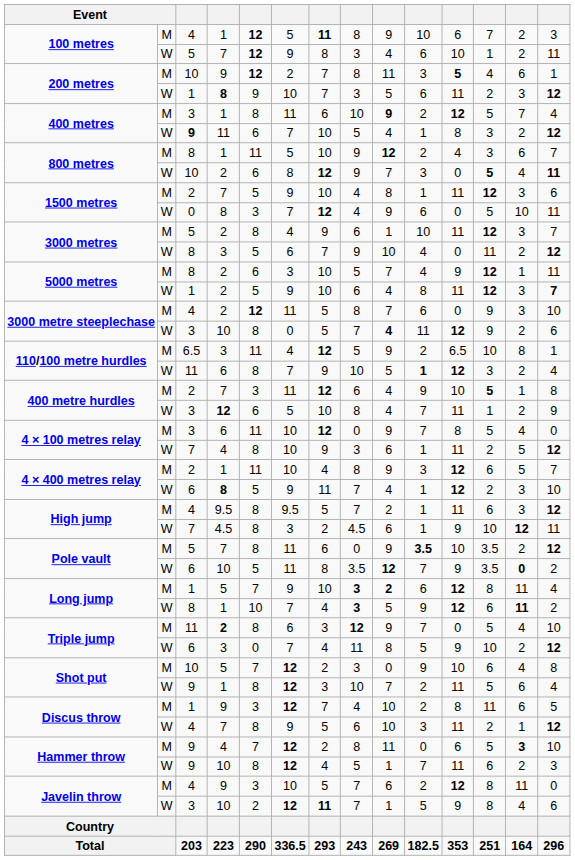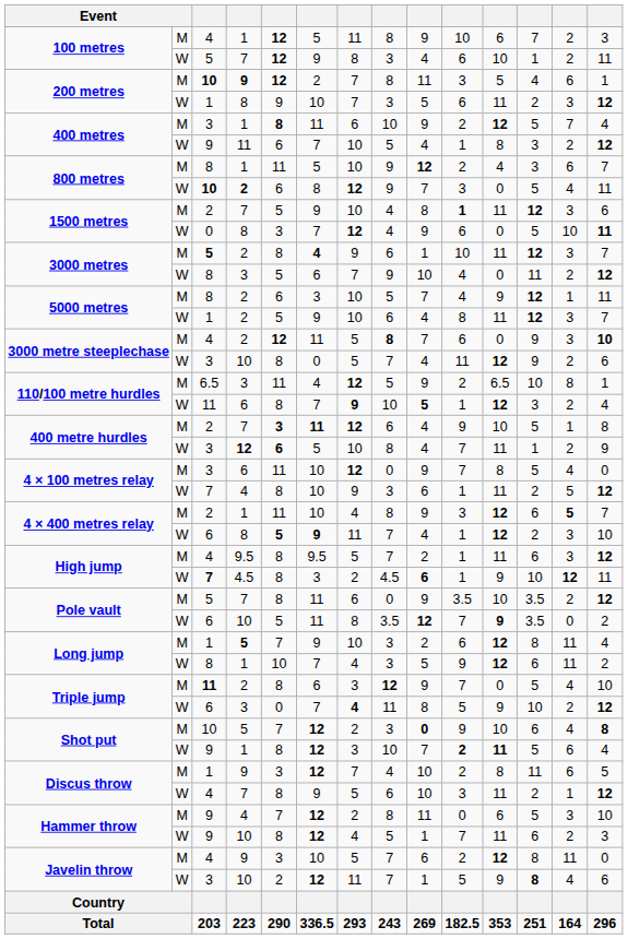 <table class="wikitable" style="background-color: #f9f9f9; font-size: 90%; text-align: center">
 <tr>
 <th width=50 colspan=2>Event</th>
 <th width=30></th>
 <th width=30></th>
 <th width=30></th>
 <th width=30></th>
 <th width=30></th>
 <th width=30></th>
 <th width=30></th>
 <th width=30></th>
 <th width=30></th>
 <th width=30></th>
 <th width=30></th>
 <th width=30></th>
 </tr>
 <tr>
 <td rowspan=2><strong><a href='#'>100 metres</a></strong></td>
 <td>M</td>
 <td>4</td>
 <td>1</td>
 <td><strong>12</strong></td>
 <td>5</td>
-<td><strong>11</strong></td>
+<td>11</td>
 <td>8</td>
 <td>9</td>
 <td>10</td>
 <td>6</td>
 <td>7</td>
 <td>2</td>
 <td>3</td>
 </tr>
 <tr>
 <td>W</td>
 <td>5</td>
 <td>7</td>
 <td><strong>12</strong></td>
 <td>9</td>
 <td>8</td>
 <td>3</td>
 <td>4</td>
 <td>6</td>
 <td>10</td>
 <td>1</td>
 <td>2</td>
 <td>11</td>
 </tr>
 <tr>
 <td rowspan=2><strong><a href='#'>200 metres</a></strong></td>
 <td>M</td>
-<td>10</td>
-<td>9</td>
+<td><strong>10</strong></td>
+<td><strong>9</strong></td>
 <td><strong>12</strong></td>
 <td>2</td>
 <td>7</td>
 <td>8</td>
 <td>11</td>
 <td>3</td>
-<td><strong>5</strong></td>
+<td>5</td>
 <td>4</td>
 <td>6</td>
 <td>1</td>
 </tr>
 <tr>
 <td>W</td>
 <td>1</td>
-<td><strong>8</strong></td>
+<td>8</td>
 <td>9</td>
 <td>10</td>
 <td>7</td>
 <td>3</td>
 <td>5</td>
 <td>6</td>
 <td>11</td>
 <td>2</td>
 <td>3</td>
 <td><strong>12</strong></td>
 </tr>
 <tr>
 <td rowspan=2><strong><a href='#'>400 metres</a></strong></td>
 <td>M</td>
 <td>3</td>
 <td>1</td>
-<td>8</td>
+<td><strong>8</strong></td>
 <td>11</td>
 <td>6</td>
 <td>10</td>
-<td><strong>9</strong></td>
+<td>9</td>
 <td>2</td>
 <td><strong>12</strong></td>
 <td>5</td>
 <td>7</td>
 <td>4</td>
 </tr>
 <tr>
 <td>W</td>
-<td><strong>9</strong></td>
+<td>9</td>
 <td>11</td>
 <td>6</td>
 <td>7</td>
 <td>10</td>
 <td>5</td>
 <td>4</td>
 <td>1</td>
 <td>8</td>
 <td>3</td>
 <td>2</td>
 <td><strong>12</strong></td>
 </tr>
 <tr>
 <td rowspan=2><strong><a href='#'>800 metres</a></strong></td>
 <td>M</td>
 <td>8</td>
 <td>1</td>
 <td>11</td>
 <td>5</td>
 <td>10</td>
 <td>9</td>
 <td><strong>12</strong></td>
 <td>2</td>
 <td>4</td>
 <td>3</td>
 <td>6</td>
 <td>7</td>
 </tr>
 <tr>
 <td>W</td>
-<td>10</td>
-<td>2</td>
+<td><strong>10</strong></td>
+<td><strong>2</strong></td>
 <td>6</td>
 <td>8</td>
 <td><strong>12</strong></td>
 <td>9</td>
 <td>7</td>
 <td>3</td>
 <td>0</td>
-<td><strong>5</strong></td>
+<td>5</td>
 <td>4</td>
-<td><strong>11</strong></td>
+<td>11</td>
 </tr>
 <tr>
 <td rowspan=2><strong><a href='#'>1500 metres</a></strong></td>
 <td>M</td>
 <td>2</td>
 <td>7</td>
 <td>5</td>
 <td>9</td>
 <td>10</td>
 <td>4</td>
 <td>8</td>
-<td>1</td>
+<td><strong>1</strong></td>
 <td>11</td>
 <td><strong>12</strong></td>
 <td>3</td>
 <td>6</td>
 </tr>
 <tr>
 <td>W</td>
 <td>0</td>
 <td>8</td>
 <td>3</td>
 <td>7</td>
 <td><strong>12</strong></td>
 <td>4</td>
 <td>9</td>
 <td>6</td>
 <td>0</td>
 <td>5</td>
 <td>10</td>
-<td>11</td>
+<td><strong>11</strong></td>
 </tr>
 <tr>
 <td rowspan=2><strong><a href='#'>3000 metres</a></strong></td>
 <td>M</td>
-<td>5</td>
+<td><strong>5</strong></td>
 <td>2</td>
 <td>8</td>
-<td>4</td>
+<td><strong>4</strong></td>
 <td>9</td>
 <td>6</td>
 <td>1</td>
 <td>10</td>
 <td>11</td>
 <td><strong>12</strong></td>
 <td>3</td>
 <td>7</td>
 </tr>
 <tr>
 <td>W</td>
 <td>8</td>
 <td>3</td>
 <td>5</td>
 <td>6</td>
 <td>7</td>
 <td>9</td>
 <td>10</td>
 <td>4</td>
 <td>0</td>
 <td>11</td>
 <td>2</td>
 <td><strong>12</strong></td>
 </tr>
 <tr>
 <td rowspan=2><strong><a href='#'>5000 metres</a></strong></td>
 <td>M</td>
 <td>8</td>
 <td>2</td>
 <td>6</td>
 <td>3</td>
 <td>10</td>
 <td>5</td>
 <td>7</td>
 <td>4</td>
 <td>9</td>
 <td><strong>12</strong></td>
 <td>1</td>
 <td>11</td>
 </tr>
 <tr>
 <td>W</td>
 <td>1</td>
 <td>2</td>
 <td>5</td>
 <td>9</td>
 <td>10</td>
 <td>6</td>
 <td>4</td>
 <td>8</td>
 <td>11</td>
 <td><strong>12</strong></td>
 <td>3</td>
-<td><strong>7</strong></td>
+<td>7</td>
 </tr>
 <tr>
 <td rowspan=2><strong><a href='#'>3000 metre steeplechase</a></strong></td>
 <td>M</td>
 <td>4</td>
 <td>2</td>
 <td><strong>12</strong></td>
 <td>11</td>
 <td>5</td>
-<td>8</td>
+<td><strong>8</strong></td>
 <td>7</td>
 <td>6</td>
 <td>0</td>
 <td>9</td>
 <td>3</td>
-<td>10</td>
+<td><strong>10</strong></td>
 </tr>
 <tr>
 <td>W</td>
 <td>3</td>
 <td>10</td>
 <td>8</td>
 <td>0</td>
 <td>5</td>
 <td>7</td>
-<td><strong>4</strong></td>
+<td>4</td>
 <td>11</td>
 <td><strong>12</strong></td>
 <td>9</td>
 <td>2</td>
 <td>6</td>
 </tr>
 <tr>
 <td rowspan=2><strong><a href='#'>110</a>/<a href='#'>100 metre hurdles</a></strong></td>
 <td>M</td>
 <td>6.5</td>
 <td>3</td>
 <td>11</td>
 <td>4</td>
 <td><strong>12</strong></td>
 <td>5</td>
 <td>9</td>
 <td>2</td>
 <td>6.5</td>
 <td>10</td>
 <td>8</td>
 <td>1</td>
 </tr>
 <tr>
 <td>W</td>
 <td>11</td>
 <td>6</td>
 <td>8</td>
 <td>7</td>
-<td>9</td>
+<td><strong>9</strong></td>
 <td>10</td>
-<td>5</td>
-<td><strong>1</strong></td>
+<td><strong>5</strong></td>
+<td>1</td>
 <td><strong>12</strong></td>
 <td>3</td>
 <td>2</td>
 <td>4</td>
 </tr>
 <tr>
 <td rowspan=2><strong><a href='#'>400 metre hurdles</a></strong></td>
 <td>M</td>
 <td>2</td>
 <td>7</td>
-<td>3</td>
-<td>11</td>
+<td><strong>3</strong></td>
+<td><strong>11</strong></td>
 <td><strong>12</strong></td>
 <td>6</td>
 <td>4</td>
 <td>9</td>
 <td>10</td>
-<td><strong>5</strong></td>
+<td>5</td>
 <td>1</td>
 <td>8</td>
 </tr>
 <tr>
 <td>W</td>
 <td>3</td>
 <td><strong>12</strong></td>
-<td>6</td>
+<td><strong>6</strong></td>
 <td>5</td>
 <td>10</td>
 <td>8</td>
 <td>4</td>
 <td>7</td>
 <td>11</td>
 <td>1</td>
 <td>2</td>
 <td>9</td>
 </tr>
 <tr>
 <td rowspan=2><strong><a href='#'>4 × 100 metres relay</a></strong></td>
 <td>M</td>
 <td>3</td>
 <td>6</td>
 <td>11</td>
 <td>10</td>
 <td><strong>12</strong></td>
 <td>0</td>
 <td>9</td>
 <td>7</td>
 <td>8</td>
 <td>5</td>
 <td>4</td>
 <td>0</td>
 </tr>
 <tr>
 <td>W</td>
 <td>7</td>
 <td>4</td>
 <td>8</td>
 <td>10</td>
 <td>9</td>
 <td>3</td>
 <td>6</td>
 <td>1</td>
 <td>11</td>
 <td>2</td>
 <td>5</td>
 <td><strong>12</strong></td>
 </tr>
 <tr>
 <td rowspan=2><strong><a href='#'>4 × 400 metres relay</a></strong></td>
 <td>M</td>
 <td>2</td>
 <td>1</td>
 <td>11</td>
 <td>10</td>
 <td>4</td>
 <td>8</td>
 <td>9</td>
 <td>3</td>
 <td><strong>12</strong></td>
 <td>6</td>
-<td>5</td>
+<td><strong>5</strong></td>
 <td>7</td>
 </tr>
 <tr>
 <td>W</td>
 <td>6</td>
-<td><strong>8</strong></td>
-<td>5</td>
-<td>9</td>
+<td>8</td>
+<td><strong>5</strong></td>
+<td><strong>9</strong></td>
 <td>11</td>
 <td>7</td>
 <td>4</td>
 <td>1</td>
 <td><strong>12</strong></td>
 <td>2</td>
 <td>3</td>
 <td>10</td>
 </tr>
 <tr>
 <td rowspan=2><strong><a href='#'>High jump</a></strong></td>
 <td>M</td>
 <td>4</td>
 <td>9.5</td>
 <td>8</td>
 <td>9.5</td>
 <td>5</td>
 <td>7</td>
 <td>2</td>
 <td>1</td>
 <td>11</td>
 <td>6</td>
 <td>3</td>
 <td><strong>12</strong></td>
 </tr>
 <tr>
 <td>W</td>
-<td>7</td>
+<td><strong>7</strong></td>
 <td>4.5</td>
 <td>8</td>
 <td>3</td>
 <td>2</td>
 <td>4.5</td>
-<td>6</td>
+<td><strong>6</strong></td>
 <td>1</td>
 <td>9</td>
 <td>10</td>
 <td><strong>12</strong></td>
 <td>11</td>
 </tr>
 <tr>
 <td rowspan=2><strong><a href='#'>Pole vault</a></strong></td>
 <td>M</td>
 <td>5</td>
 <td>7</td>
 <td>8</td>
 <td>11</td>
 <td>6</td>
 <td>0</td>
 <td>9</td>
-<td><strong>3.5</strong></td>
+<td>3.5</td>
 <td>10</td>
 <td>3.5</td>
 <td>2</td>
 <td><strong>12</strong></td>
 </tr>
 <tr>
 <td>W</td>
 <td>6</td>
 <td>10</td>
 <td>5</td>
 <td>11</td>
 <td>8</td>
 <td>3.5</td>
 <td><strong>12</strong></td>
 <td>7</td>
-<td>9</td>
+<td><strong>9</strong></td>
 <td>3.5</td>
-<td><strong>0</strong></td>
+<td>0</td>
 <td>2</td>
 </tr>
 <tr>
 <td rowspan=2><strong><a href='#'>Long jump</a></strong></td>
 <td>M</td>
 <td>1</td>
-<td>5</td>
+<td><strong>5</strong></td>
 <td>7</td>
 <td>9</td>
 <td>10</td>
-<td><strong>3</strong></td>
-<td><strong>2</strong></td>
+<td>3</td>
+<td>2</td>
 <td>6</td>
 <td><strong>12</strong></td>
 <td>8</td>
 <td>11</td>
 <td>4</td>
 </tr>
 <tr>
 <td>W</td>
 <td>8</td>
 <td>1</td>
 <td>10</td>
 <td>7</td>
 <td>4</td>
-<td><strong>3</strong></td>
+<td>3</td>
 <td>5</td>
 <td>9</td>
 <td><strong>12</strong></td>
 <td>6</td>
-<td><strong>11</strong></td>
+<td>11</td>
 <td>2</td>
 </tr>
 <tr>
 <td rowspan=2><strong><a href='#'>Triple jump</a></strong></td>
 <td>M</td>
-<td>11</td>
-<td><strong>2</strong></td>
+<td><strong>11</strong></td>
+<td>2</td>
 <td>8</td>
 <td>6</td>
 <td>3</td>
 <td><strong>12</strong></td>
 <td>9</td>
 <td>7</td>
 <td>0</td>
 <td>5</td>
 <td>4</td>
 <td>10</td>
 </tr>
 <tr>
 <td>W</td>
 <td>6</td>
 <td>3</td>
 <td>0</td>
 <td>7</td>
-<td>4</td>
+<td><strong>4</strong></td>
 <td>11</td>
 <td>8</td>
 <td>5</td>
 <td>9</td>
 <td>10</td>
 <td>2</td>
 <td><strong>12</strong></td>
 </tr>
 <tr>
 <td rowspan=2><strong><a href='#'>Shot put</a></strong></td>
 <td>M</td>
 <td>10</td>
 <td>5</td>
 <td>7</td>
 <td><strong>12</strong></td>
 <td>2</td>
 <td>3</td>
-<td>0</td>
+<td><strong>0</strong></td>
 <td>9</td>
 <td>10</td>
 <td>6</td>
 <td>4</td>
-<td>8</td>
+<td><strong>8</strong></td>
 </tr>
 <tr>
 <td>W</td>
 <td>9</td>
 <td>1</td>
 <td>8</td>
 <td><strong>12</strong></td>
 <td>3</td>
 <td>10</td>
 <td>7</td>
-<td>2</td>
-<td>11</td>
+<td><strong>2</strong></td>
+<td><strong>11</strong></td>
 <td>5</td>
 <td>6</td>
 <td>4</td>
 </tr>
 <tr>
 <td rowspan=2><strong><a href='#'>Discus throw</a></strong></td>
 <td>M</td>
 <td>1</td>
 <td>9</td>
 <td>3</td>
 <td><strong>12</strong></td>
 <td>7</td>
 <td>4</td>
 <td>10</td>
 <td>2</td>
 <td>8</td>
 <td>11</td>
 <td>6</td>
 <td>5</td>
 </tr>
 <tr>
 <td>W</td>
 <td>4</td>
 <td>7</td>
 <td>8</td>
 <td>9</td>
 <td>5</td>
 <td>6</td>
 <td>10</td>
 <td>3</td>
 <td>11</td>
 <td>2</td>
 <td>1</td>
 <td><strong>12</strong></td>
 </tr>
 <tr>
 <td rowspan=2><strong><a href='#'>Hammer throw</a></strong></td>
 <td>M</td>
 <td>9</td>
 <td>4</td>
 <td>7</td>
 <td><strong>12</strong></td>
 <td>2</td>
 <td>8</td>
 <td>11</td>
 <td>0</td>
 <td>6</td>
 <td>5</td>
-<td><strong>3</strong></td>
+<td>3</td>
 <td>10</td>
 </tr>
 <tr>
 <td>W</td>
 <td>9</td>
 <td>10</td>
 <td>8</td>
 <td><strong>12</strong></td>
 <td>4</td>
 <td>5</td>
 <td>1</td>
 <td>7</td>
 <td>11</td>
 <td>6</td>
 <td>2</td>
 <td>3</td>
 </tr>
 <tr>
 <td rowspan=2><strong><a href='#'>Javelin throw</a></strong></td>
 <td>M</td>
 <td>4</td>
 <td>9</td>
 <td>3</td>
 <td>10</td>
 <td>5</td>
 <td>7</td>
 <td>6</td>
 <td>2</td>
 <td><strong>12</strong></td>
 <td>8</td>
 <td>11</td>
 <td>0</td>
 </tr>
 <tr>
 <td>W</td>
 <td>3</td>
 <td>10</td>
 <td>2</td>
 <td><strong>12</strong></td>
-<td><strong>11</strong></td>
+<td>11</td>
 <td>7</td>
 <td>1</td>
 <td>5</td>
 <td>9</td>
-<td>8</td>
+<td><strong>8</strong></td>
 <td>4</td>
 <td>6</td>
 </tr>
 <tr>
 <th colspan=2>Country</th>
 <th></th>
 <th></th>
 <th></th>
 <th></th>
 <th></th>
 <th></th>
 <th></th>
 <th></th>
 <th></th>
 <th></th>
 <th></th>
 <th></th>
 </tr>
 <tr>
 <th colspan=2>Total</th>
 <td><strong>203</strong></td>
 <td><strong>223</strong></td>
 <td><strong>290</strong></td>
 <td><strong>336.5</strong></td>
 <td><strong>293</strong></td>
 <td><strong>243</strong></td>
 <td><strong>269</strong></td>
 <td><strong>182.5</strong></td>
 <td><strong>353</strong></td>
 <td><strong>251</strong></td>
 <td><strong>164</strong></td>
 <td><strong>296</strong></td>
 </tr>
 </table>
